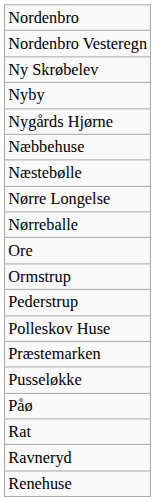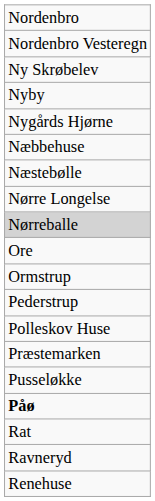 <table class="wikitable" style="float:left; margin-right:1em">
 <tr>
 <td>Nordenbro</td>
 </tr>
 <tr>
 <td>Nordenbro Vesteregn</td>
 </tr>
 <tr>
 <td>Ny Skrøbelev</td>
 </tr>
 <tr>
 <td>Nyby</td>
 </tr>
 <tr>
 <td>Nygårds Hjørne</td>
 </tr>
 <tr>
 <td>Næbbehuse</td>
 </tr>
 <tr>
 <td>Næstebølle</td>
 </tr>
 <tr>
 <td>Nørre Longelse</td>
 </tr>
 <tr>
-<td>Nørreballe</td>
+<td style="background: lightgrey;">Nørreballe</td>
 </tr>
 <tr>
 <td>Ore</td>
 </tr>
 <tr>
 <td>Ormstrup</td>
 </tr>
 <tr>
 <td>Pederstrup</td>
 </tr>
 <tr>
 <td>Polleskov Huse</td>
 </tr>
 <tr>
 <td>Præstemarken</td>
 </tr>
 <tr>
 <td>Pusseløkke</td>
 </tr>
 <tr>
-<td>Påø</td>
+<td><strong>Påø</strong></td>
 </tr>
 <tr>
 <td>Rat</td>
 </tr>
 <tr>
 <td>Ravneryd</td>
 </tr>
 <tr>
 <td>Renehuse</td>
 </tr>
 </table>
